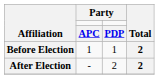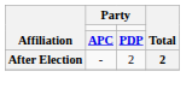 <table class=wikitable style="text-align:center">
 <tr style="vertical-align:bottom;">
 <th rowspan=3>Affiliation</th>
 <th colspan=2>Party</th>
 <th rowspan=3>Total</th>
 </tr>
 <tr>
 <td style="background-color:"></td>
 <td style="background-color:"></td>
 </tr>
 <tr>
 <th><a href='#'>APC</a></th>
 <th><a href='#'>PDP</a></th>
 </tr>
 <tr>
-<th>Before Election</th>
-<td>1</td>
-<td>1</td>
-<th>2</th>
-</tr>
-<tr>
 <th>After Election</th>
 <td>-</td>
 <td>2</td>
 <th>2</th>
 </tr>
 <tr>
 </tr>
 </table>
